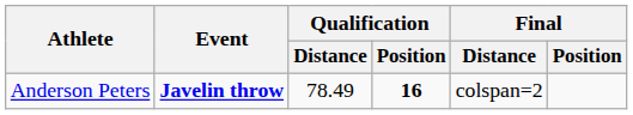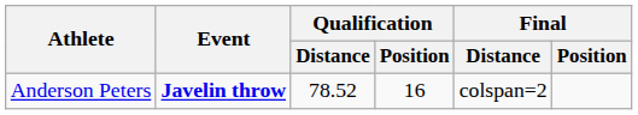 <table class=wikitable style=font-size:90%>
 <tr>
 <th rowspan=2>Athlete</th>
 <th rowspan=2>Event</th>
 <th colspan=2>Qualification</th>
 <th colspan=2>Final</th>
 </tr>
 <tr style=font-size:95%>
 <th>Distance</th>
 <th>Position</th>
 <th>Distance</th>
 <th>Position</th>
 </tr>
 <tr align=center>
 <td align=left><a href='#'>Anderson Peters</a></td>
 <td align=left><strong><a href='#'>Javelin throw</a></strong></td>
-<td>78.49</td>
-<td><strong>16</strong></td>
+<td>78.52</td>
+<td>16</td>
 <td>colspan=2 </td>
 </tr>
 </table>
